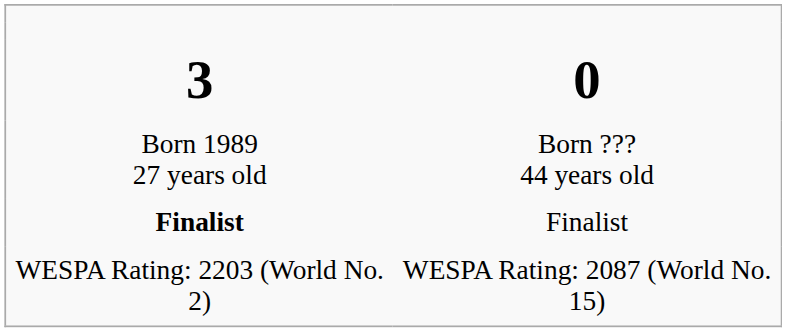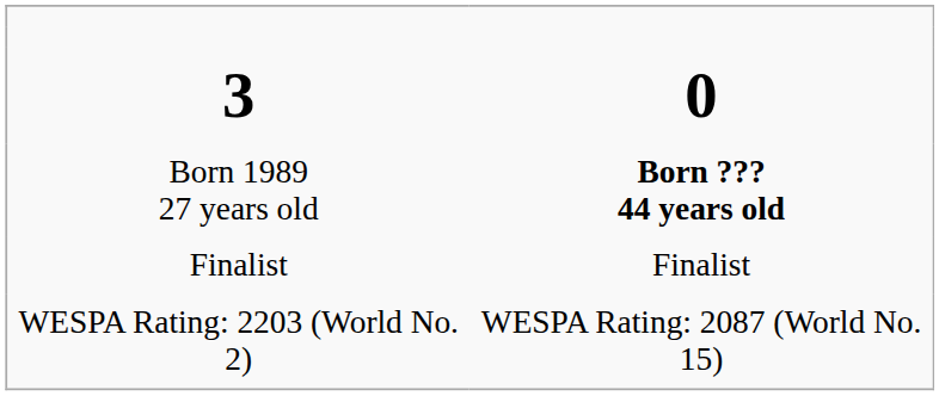 <table class="infobox" cellpadding="5" cellspacing="0" style="width:36%; border-collapse:collapse; text-align:center;">
 <tr>
 <td width=33%></td>
 <td width=33%></td>
 </tr>
 <tr>
 <td></td>
 <td></td>
 </tr>
 <tr style="font-size:200%;">
 <td><strong>3</strong></td>
 <td><strong>0</strong></td>
 </tr>
 <tr>
 <td>Born 1989<br>27 years old</td>
-<td>Born ???<br>44 years old</td>
+<td><strong>Born ???<br>44 years old</strong></td>
 </tr>
 <tr>
-<td><strong>Finalist</strong></td>
+<td>Finalist</td>
 <td>Finalist</td>
 </tr>
 <tr>
 <td>WESPA Rating: 2203 (World No. 2)</td>
 <td>WESPA Rating: 2087 (World No. 15)</td>
 </tr>
 <tr>
 </tr>
 </table>
